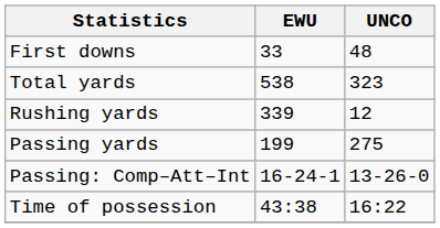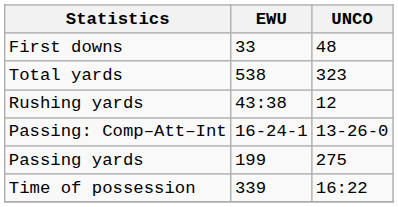 <table class="wikitable" style="float: left;">
 <tr>
 <th>Statistics</th>
 <th>EWU</th>
 <th>UNCO</th>
 </tr>
 <tr>
 <td>First downs</td>
 <td>33</td>
 <td>48</td>
 </tr>
 <tr>
 <td>Total yards</td>
 <td>538</td>
 <td>323</td>
 </tr>
 <tr>
 <td>Rushing yards</td>
-<td>339</td>
+<td>43:38</td>
 <td>12</td>
+</tr>
+<tr>
+<td>Passing: Comp–Att–Int</td>
+<td>16-24-1</td>
+<td>13-26-0</td>
 </tr>
 <tr>
 <td>Passing yards</td>
 <td>199</td>
 <td>275</td>
 </tr>
 <tr>
-<td>Passing: Comp–Att–Int</td>
-<td>16-24-1</td>
-<td>13-26-0</td>
-</tr>
-<tr>
 <td>Time of possession</td>
-<td>43:38</td>
+<td>339</td>
 <td>16:22</td>
 </tr>
 <tr>
 </tr>
 </table>
